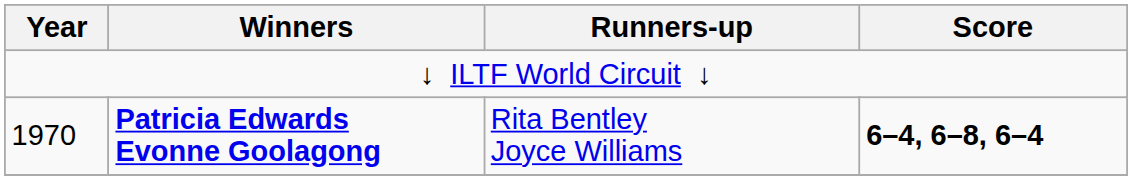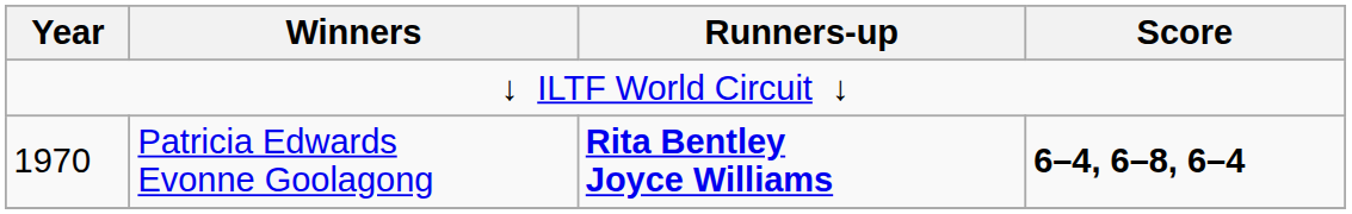 <table class="wikitable">
 <tr>
 <th style="width:50px">Year</th>
 <th style="width:200px">Winners</th>
 <th style="width:200px">Runners-up</th>
 <th style="width:140px" class="unsortable">Score</th>
 </tr>
 <tr>
 <td colspan=4 align=center>↓  <a href='#'>ILTF World Circuit</a>  ↓</td>
 </tr>
 <tr>
 <td>1970</td>
-<td><strong>  <a href='#'>Patricia Edwards</a><br>  <a href='#'>Evonne Goolagong</a></strong></td>
-<td> <a href='#'>Rita Bentley</a> <br> <a href='#'>Joyce Williams</a></td>
+<td>  <a href='#'>Patricia Edwards</a><br>  <a href='#'>Evonne Goolagong</a></td>
+<td><strong> <a href='#'>Rita Bentley</a> <br> <a href='#'>Joyce Williams</a></strong></td>
 <td><strong>6–4, 6–8, 6–4</strong></td>
 </tr>
 <tr>
 </tr>
 </table>
